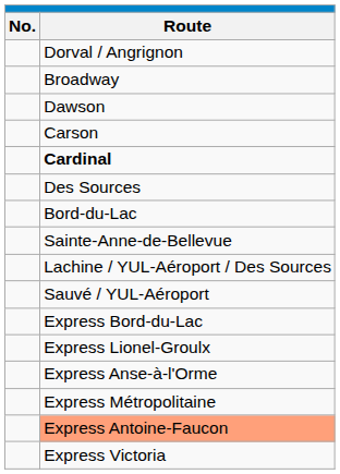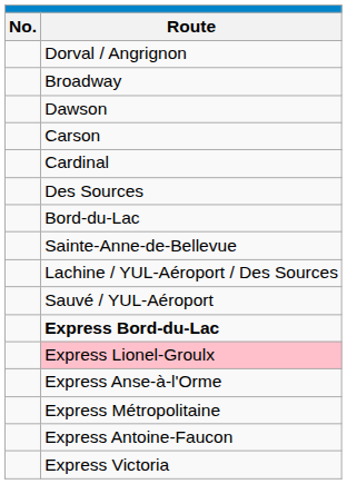 <table align=center class="wikitable">
 <tr>
 <th style="background: #0085CA; font-size:100%; color:#FFFFFF;"colspan="4"><a href='#'></a></th>
 </tr>
 <tr>
 <th>No.</th>
 <th>Route</th>
 </tr>
 <tr>
 <td></td>
 <td>Dorval / Angrignon</td>
 </tr>
 <tr>
 <td></td>
 <td>Broadway</td>
 </tr>
 <tr>
 <td></td>
 <td>Dawson</td>
 </tr>
 <tr>
 <td></td>
 <td>Carson</td>
 </tr>
 <tr>
 <td></td>
-<td><strong>Cardinal</strong></td>
+<td>Cardinal</td>
 </tr>
 <tr>
 <td></td>
 <td>Des Sources</td>
 </tr>
 <tr>
 <td></td>
 <td>Bord-du-Lac</td>
 </tr>
 <tr>
 <td {{Avoid wrap> </td>
 <td>Sainte-Anne-de-Bellevue</td>
 </tr>
 <tr>
 <td {{Avoid wrap> </td>
 <td>Lachine / YUL-Aéroport / Des Sources</td>
 </tr>
 <tr>
 <td {{Avoid wrap> </td>
 <td>Sauvé / YUL-Aéroport</td>
 </tr>
 <tr>
 <td></td>
-<td>Express Bord-du-Lac</td>
+<td><strong>Express Bord-du-Lac</strong></td>
 </tr>
 <tr>
 <td></td>
-<td>Express Lionel-Groulx</td>
+<td style="background: pink;">Express Lionel-Groulx</td>
 </tr>
 <tr>
 <td></td>
 <td>Express Anse-à-l'Orme</td>
 </tr>
 <tr>
 <td></td>
 <td>Express Métropolitaine</td>
 </tr>
 <tr>
 <td></td>
-<td style="background: lightsalmon;">Express Antoine-Faucon</td>
+<td>Express Antoine-Faucon</td>
 </tr>
 <tr>
 <td {{Avoid wrap> </td>
 <td>Express Victoria</td>
 </tr>
 </table>
